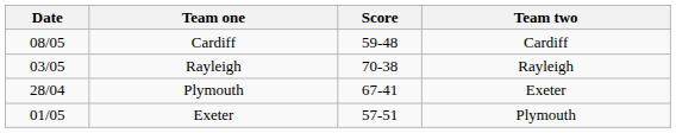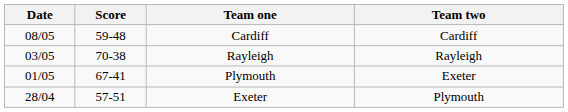 <table class="wikitable" style="text-align: center">
 <tr>
 <th width=80>Date</th>
+<th width=80>Score</th>
 <th width=250>Team one</th>
-<th width=80>Score</th>
 <th width=250>Team two</th>
 </tr>
 <tr>
 <td>08/05</td>
+<td>59-48</td>
 <td>Cardiff</td>
-<td>59-48</td>
 <td>Cardiff</td>
 </tr>
 <tr>
 <td>03/05</td>
+<td>70-38</td>
 <td>Rayleigh</td>
-<td>70-38</td>
 <td>Rayleigh</td>
 </tr>
 <tr>
-<td>28/04</td>
+<td>01/05</td>
+<td>67-41</td>
 <td>Plymouth</td>
-<td>67-41</td>
 <td>Exeter</td>
 </tr>
 <tr>
-<td>01/05</td>
+<td>28/04</td>
+<td>57-51</td>
 <td>Exeter</td>
-<td>57-51</td>
 <td>Plymouth</td>
 </tr>
 </table>
